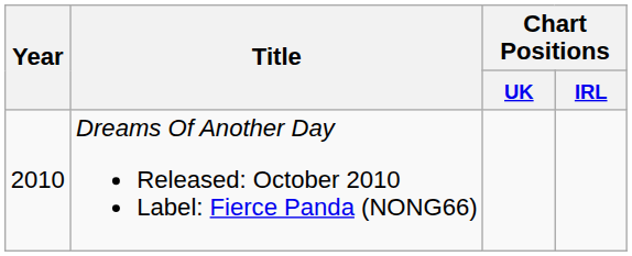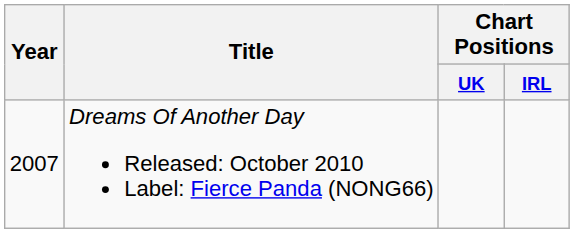 <table class="wikitable" style=text-align:center;>
 <tr>
 <th rowspan="2">Year</th>
 <th rowspan="2">Title</th>
 <th colspan="2">Chart Positions</th>
 </tr>
 <tr>
 <th width="40"><small><a href='#'>UK</a></small></th>
 <th width="40"><small><a href='#'>IRL</a></small></th>
 </tr>
 <tr>
-<td>2010</td>
+<td>2007</td>
 <td align="left"><em>Dreams Of Another Day</em><br><ul><li>Released: October 2010</li><li>Label: <a href='#'>Fierce Panda</a> (NONG66)</li></ul></td>
 <td> </td>
 <td> </td>
 </tr>
 </table>
